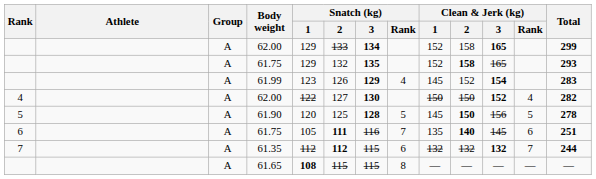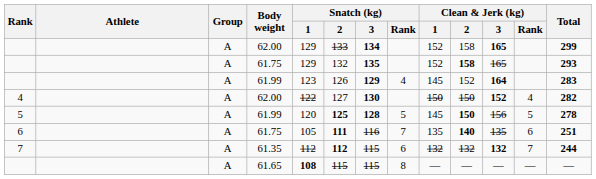 <table class = "wikitable" style="text-align:center;">
 <tr>
 <th rowspan=2 width=40>Rank</th>
 <th rowspan=2 width=250>Athlete</th>
 <th rowspan=2 width=50>Group</th>
 <th rowspan=2 width=60>Body weight</th>
 <th colspan=4>Snatch (kg)</th>
 <th colspan=4>Clean & Jerk (kg)</th>
 <th rowspan=2 width=60>Total</th>
 </tr>
 <tr>
 <th width=40>1</th>
 <th width=40>2</th>
 <th width=40>3</th>
 <th width=40>Rank</th>
 <th width=40>1</th>
 <th width=40>2</th>
 <th width=40>3</th>
 <th width=40>Rank</th>
 </tr>
 <tr>
 <td></td>
 <td align=left></td>
 <td>A</td>
 <td>62.00</td>
 <td>129</td>
 <td><s>133</s></td>
 <td><strong>134</strong></td>
 <td></td>
 <td>152</td>
 <td>158</td>
 <td><strong>165</strong></td>
 <td></td>
 <td><strong>299</strong></td>
 </tr>
 <tr>
 <td></td>
 <td align=left></td>
 <td>A</td>
 <td>61.75</td>
 <td>129</td>
 <td>132</td>
 <td><strong>135</strong></td>
 <td></td>
 <td>152</td>
 <td><strong>158</strong></td>
 <td><s>165</s></td>
 <td></td>
 <td><strong>293</strong></td>
 </tr>
 <tr>
 <td></td>
 <td align=left></td>
 <td>A</td>
 <td>61.99</td>
 <td>123</td>
 <td>126</td>
 <td><strong>129</strong></td>
 <td>4</td>
 <td>145</td>
 <td>152</td>
-<td><strong>154</strong></td>
+<td><strong>164</strong></td>
 <td></td>
 <td><strong>283</strong></td>
 </tr>
 <tr>
 <td>4</td>
 <td align=left></td>
 <td>A</td>
 <td>62.00</td>
 <td><s>122</s></td>
 <td>127</td>
 <td><strong>130</strong></td>
 <td></td>
 <td><s>150</s></td>
 <td><s>150</s></td>
 <td><strong>152</strong></td>
 <td>4</td>
 <td><strong>282</strong></td>
 </tr>
 <tr>
 <td>5</td>
 <td align=left></td>
 <td>A</td>
-<td>61.90</td>
+<td>61.99</td>
 <td>120</td>
-<td>125</td>
+<td><strong>125</strong></td>
 <td><strong>128</strong></td>
 <td>5</td>
 <td>145</td>
 <td><strong>150</strong></td>
 <td><s>156</s></td>
 <td>5</td>
 <td><strong>278</strong></td>
 </tr>
 <tr>
 <td>6</td>
 <td align=left></td>
 <td>A</td>
 <td>61.75</td>
 <td>105</td>
 <td><strong>111</strong></td>
 <td><s>116</s></td>
 <td>7</td>
 <td>135</td>
 <td><strong>140</strong></td>
-<td><s>145</s></td>
+<td><s>135</s></td>
 <td>6</td>
 <td><strong>251</strong></td>
 </tr>
 <tr>
 <td>7</td>
 <td align=left></td>
 <td>A</td>
 <td>61.35</td>
 <td><s>112</s></td>
 <td><strong>112</strong></td>
 <td><s>115</s></td>
 <td>6</td>
 <td><s>132</s></td>
 <td><s>132</s></td>
 <td><strong>132</strong></td>
 <td>7</td>
 <td><strong>244</strong></td>
 </tr>
 <tr>
 <td></td>
 <td align=left></td>
 <td>A</td>
 <td>61.65</td>
 <td><strong>108</strong></td>
 <td><s>115</s></td>
 <td><s>115</s></td>
 <td>8</td>
 <td>—</td>
 <td>—</td>
 <td>—</td>
 <td>—</td>
 <td>—</td>
 </tr>
 </table>
